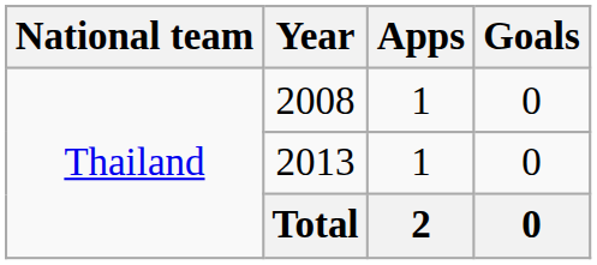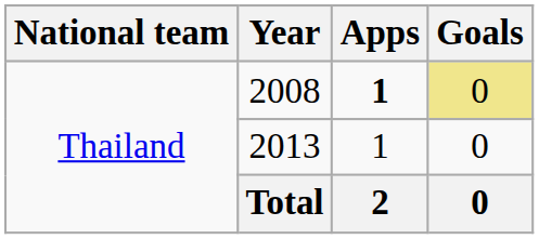 <table class="wikitable" style="text-align:center">
 <tr>
 <th>National team</th>
 <th>Year</th>
 <th>Apps</th>
 <th>Goals</th>
 </tr>
 <tr>
 <td rowspan="3" valign="center"><a href='#'>Thailand</a></td>
 <td>2008</td>
-<td>1</td>
-<td>0</td>
+<td><strong>1</strong></td>
+<td style="background: khaki;">0</td>
 </tr>
 <tr>
 <td>2013</td>
 <td>1</td>
 <td>0</td>
 </tr>
 <tr>
 <th>Total</th>
 <th>2</th>
 <th>0</th>
 </tr>
 </table>
